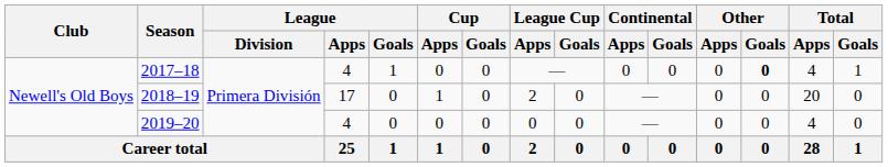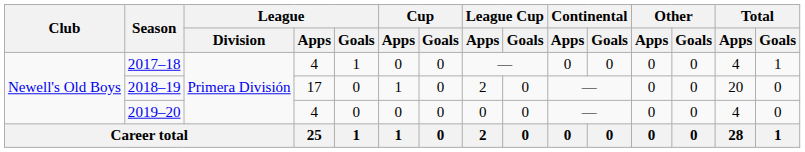 <table class="wikitable" style="text-align:center">
 <tr>
 <th rowspan="2">Club</th>
 <th rowspan="2">Season</th>
 <th colspan="3">League</th>
 <th colspan="2">Cup</th>
 <th colspan="2">League Cup</th>
 <th colspan="2">Continental</th>
 <th colspan="2">Other</th>
 <th colspan="2">Total</th>
 </tr>
 <tr>
 <th>Division</th>
 <th>Apps</th>
 <th>Goals</th>
 <th>Apps</th>
 <th>Goals</th>
 <th>Apps</th>
 <th>Goals</th>
 <th>Apps</th>
 <th>Goals</th>
 <th>Apps</th>
 <th>Goals</th>
 <th>Apps</th>
 <th>Goals</th>
 </tr>
 <tr>
 <td rowspan="3"><a href='#'>Newell's Old Boys</a></td>
 <td><a href='#'>2017–18</a></td>
 <td rowspan="3"><a href='#'>Primera División</a></td>
 <td>4</td>
 <td>1</td>
 <td>0</td>
 <td>0</td>
 <td colspan="2">—</td>
 <td>0</td>
 <td>0</td>
 <td>0</td>
-<td><strong>0</strong></td>
+<td>0</td>
 <td>4</td>
 <td>1</td>
 </tr>
 <tr>
 <td><a href='#'>2018–19</a></td>
 <td>17</td>
 <td>0</td>
 <td>1</td>
 <td>0</td>
 <td>2</td>
 <td>0</td>
 <td colspan="2">—</td>
 <td>0</td>
 <td>0</td>
 <td>20</td>
 <td>0</td>
 </tr>
 <tr>
 <td><a href='#'>2019–20</a></td>
 <td>4</td>
 <td>0</td>
 <td>0</td>
 <td>0</td>
 <td>0</td>
 <td>0</td>
 <td colspan="2">—</td>
 <td>0</td>
 <td>0</td>
 <td>4</td>
 <td>0</td>
 </tr>
 <tr>
 <th colspan="3">Career total</th>
 <th>25</th>
 <th>1</th>
 <th>1</th>
 <th>0</th>
 <th>2</th>
 <th>0</th>
 <th>0</th>
 <th>0</th>
 <th>0</th>
 <th>0</th>
 <th>28</th>
 <th>1</th>
 </tr>
 </table>
